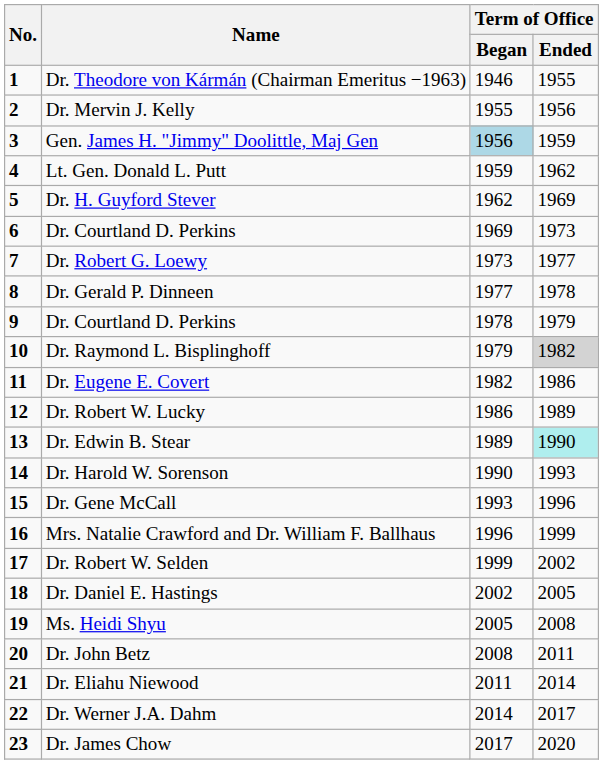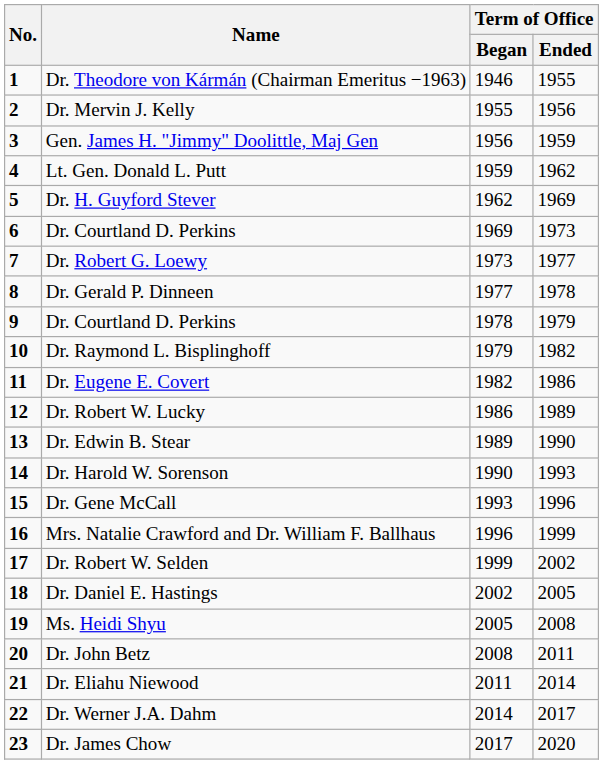 <table class="wikitable">
 <tr>
 <th rowspan="2">No.</th>
 <th rowspan="2">Name</th>
 <th colspan="2">Term of Office</th>
 </tr>
 <tr>
 <th>Began</th>
 <th>Ended</th>
 </tr>
 <tr>
 <td><strong>1</strong></td>
 <td>Dr. <a href='#'>Theodore von Kármán</a> (Chairman Emeritus −1963)</td>
 <td>1946</td>
 <td>1955</td>
 </tr>
 <tr>
 <td><strong>2</strong></td>
 <td>Dr. Mervin J. Kelly</td>
 <td>1955</td>
 <td>1956</td>
 </tr>
 <tr>
 <td><strong>3</strong></td>
 <td>Gen. <a href='#'>James H. "Jimmy" Doolittle, Maj Gen</a></td>
-<td style="background: lightblue;">1956</td>
+<td>1956</td>
 <td>1959</td>
 </tr>
 <tr>
 <td><strong>4</strong></td>
 <td>Lt. Gen. Donald L. Putt</td>
 <td>1959</td>
 <td>1962</td>
 </tr>
 <tr>
 <td><strong>5</strong></td>
 <td>Dr. <a href='#'>H. Guyford Stever</a></td>
 <td>1962</td>
 <td>1969</td>
 </tr>
 <tr>
 <td><strong>6</strong></td>
 <td>Dr. Courtland D. Perkins</td>
 <td>1969</td>
 <td>1973</td>
 </tr>
 <tr>
 <td><strong>7</strong></td>
 <td>Dr. <a href='#'>Robert G. Loewy</a></td>
 <td>1973</td>
 <td>1977</td>
 </tr>
 <tr>
 <td><strong>8</strong></td>
 <td>Dr. Gerald P. Dinneen</td>
 <td>1977</td>
 <td>1978</td>
 </tr>
 <tr>
 <td><strong>9</strong></td>
 <td>Dr. Courtland D. Perkins</td>
 <td>1978</td>
 <td>1979</td>
 </tr>
 <tr>
 <td><strong>10</strong></td>
 <td>Dr. Raymond L. Bisplinghoff</td>
 <td>1979</td>
-<td style="background: lightgrey;">1982</td>
+<td>1982</td>
 </tr>
 <tr>
 <td><strong>11</strong></td>
 <td>Dr. <a href='#'>Eugene E. Covert</a></td>
 <td>1982</td>
 <td>1986</td>
 </tr>
 <tr>
 <td><strong>12</strong></td>
 <td>Dr. Robert W. Lucky</td>
 <td>1986</td>
 <td>1989</td>
 </tr>
 <tr>
 <td><strong>13</strong></td>
 <td>Dr. Edwin B. Stear</td>
 <td>1989</td>
-<td style="background: paleturquoise;">1990</td>
+<td>1990</td>
 </tr>
 <tr>
 <td><strong>14</strong></td>
 <td>Dr. Harold W. Sorenson</td>
 <td>1990</td>
 <td>1993</td>
 </tr>
 <tr>
 <td><strong>15</strong></td>
 <td>Dr. Gene McCall</td>
 <td>1993</td>
 <td>1996</td>
 </tr>
 <tr>
 <td><strong>16</strong></td>
 <td>Mrs. Natalie Crawford and Dr. William F. Ballhaus</td>
 <td>1996</td>
 <td>1999</td>
 </tr>
 <tr>
 <td><strong>17</strong></td>
 <td>Dr. Robert W. Selden</td>
 <td>1999</td>
 <td>2002</td>
 </tr>
 <tr>
 <td><strong>18</strong></td>
 <td>Dr. Daniel E. Hastings</td>
 <td>2002</td>
 <td>2005</td>
 </tr>
 <tr>
 <td><strong>19</strong></td>
 <td>Ms. <a href='#'>Heidi Shyu</a></td>
 <td>2005</td>
 <td>2008</td>
 </tr>
 <tr>
 <td><strong>20</strong></td>
 <td>Dr. John Betz</td>
 <td>2008</td>
 <td>2011</td>
 </tr>
 <tr>
 <td><strong>21</strong></td>
 <td>Dr. Eliahu Niewood</td>
 <td>2011</td>
 <td>2014</td>
 </tr>
 <tr>
 <td><strong>22</strong></td>
 <td>Dr. Werner J.A. Dahm</td>
 <td>2014</td>
 <td>2017</td>
 </tr>
 <tr>
 <td><strong>23</strong></td>
 <td>Dr. James Chow</td>
 <td>2017</td>
 <td>2020</td>
 </tr>
 </table>
